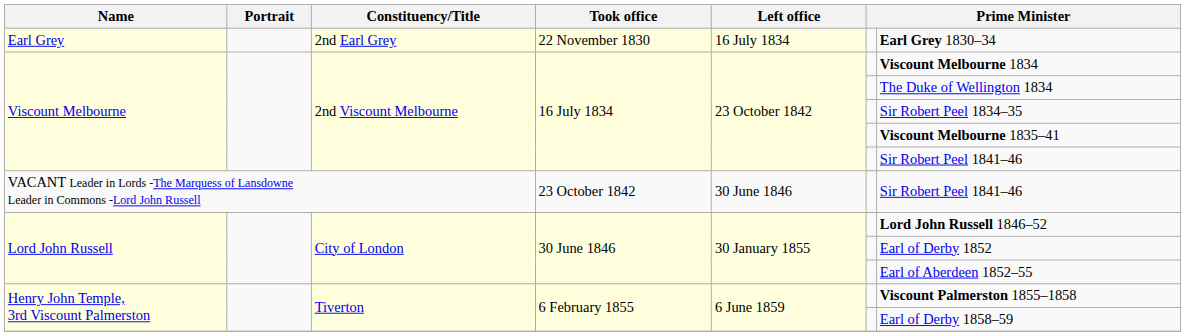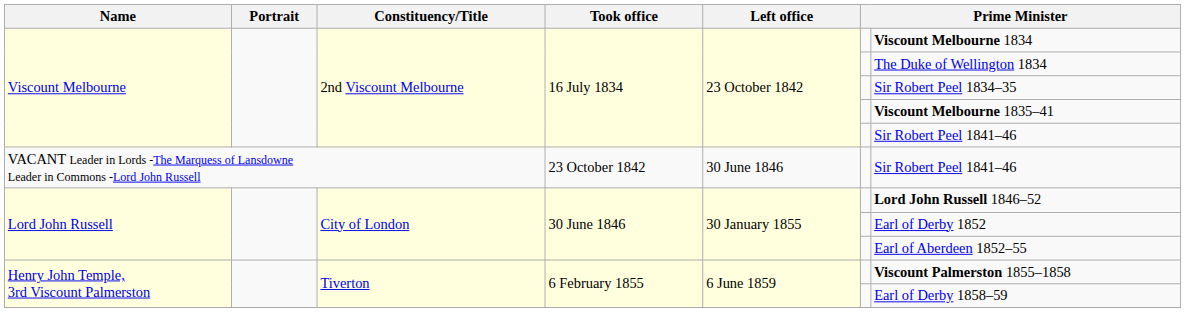 <table class="wikitable" style="font-size:95%;" width=98%>
 <tr>
 <th>Name</th>
 <th>Portrait</th>
 <th>Constituency/Title</th>
 <th>Took office</th>
 <th>Left office</th>
 <th colspan=2>Prime Minister</th>
-</tr>
-<tr>
-<td bgcolor=#FFFFDD><a href='#'>Earl Grey</a></td>
-<td></td>
-<td bgcolor=#FFFFDD>2nd <a href='#'>Earl Grey</a></td>
-<td bgcolor=#FFFFDD>22 November 1830</td>
-<td bgcolor=#FFFFDD>16 July 1834</td>
-<td style="background-color: "></td>
-<td><strong>Earl Grey</strong> 1830–34</td>
 </tr>
 <tr>
 <td rowspan="5" bgcolor=#FFFFDD><a href='#'>Viscount Melbourne</a></td>
 <td rowspan="5"></td>
 <td rowspan="5" bgcolor=#FFFFDD>2nd <a href='#'>Viscount Melbourne</a></td>
 <td rowspan="5" bgcolor=#FFFFDD>16 July 1834</td>
 <td rowspan="5" bgcolor=#FFFFDD>23 October 1842 </td>
 <td style="background-color: "></td>
 <td><strong>Viscount Melbourne</strong> 1834</td>
 </tr>
 <tr>
 <td style="background-color: "></td>
 <td><a href='#'>The Duke of Wellington</a> 1834</td>
 </tr>
 <tr>
 <td style="background-color: "></td>
 <td><a href='#'>Sir Robert Peel</a> 1834–35</td>
 </tr>
 <tr>
 <td style="background-color: "></td>
 <td><strong>Viscount Melbourne</strong> 1835–41</td>
 </tr>
 <tr>
 <td style="background-color: "></td>
 <td><a href='#'>Sir Robert Peel</a> 1841–46</td>
 </tr>
 <tr>
 <td colspan="3">VACANT <small>Leader in Lords -<a href='#'>The Marquess of Lansdowne</a><br>Leader in Commons -<a href='#'>Lord John Russell</a></small></td>
 <td>23 October 1842</td>
 <td>30 June 1846</td>
 <td style="background-color: "></td>
 <td><a href='#'>Sir Robert Peel</a> 1841–46</td>
 </tr>
 <tr>
 <td rowspan="3" bgcolor=#FFFFDD><a href='#'>Lord John Russell</a></td>
 <td rowspan="3"></td>
 <td rowspan="3" bgcolor=#FFFFDD><a href='#'>City of London</a></td>
 <td rowspan="3" bgcolor=#FFFFDD>30 June 1846</td>
 <td rowspan="3" bgcolor=#FFFFDD>30 January 1855</td>
 <td style="background-color: "></td>
 <td><strong>Lord John Russell</strong> 1846–52</td>
 </tr>
 <tr>
 <td style="background-color: "></td>
 <td><a href='#'>Earl of Derby</a> 1852</td>
 </tr>
 <tr>
 <td style="background-color: "></td>
 <td><a href='#'>Earl of Aberdeen</a> 1852–55</td>
 </tr>
 <tr>
 <td rowspan="2" bgcolor=#FFFFDD><a href='#'>Henry John Temple,<br>3rd Viscount Palmerston</a></td>
 <td rowspan="2"></td>
 <td rowspan="2" bgcolor=#FFFFDD><a href='#'>Tiverton</a></td>
 <td rowspan="2" bgcolor=#FFFFDD>6 February 1855</td>
 <td rowspan="2" bgcolor=#FFFFDD>6 June 1859 </td>
 <td style="background-color: "></td>
 <td><strong>Viscount Palmerston</strong> 1855–1858</td>
 </tr>
 <tr>
 <td style="background-color: "></td>
 <td><a href='#'>Earl of Derby</a> 1858–59</td>
 </tr>
 <tr>
 </tr>
 </table>
